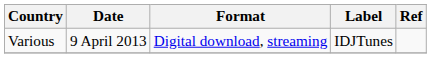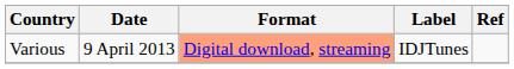 <table class="wikitable plainrowheaders">
 <tr>
 <th scope="col">Country</th>
 <th scope="col">Date</th>
 <th scope="col">Format</th>
 <th scope="col">Label</th>
 <th scope="col">Ref</th>
 </tr>
 <tr>
 <td>Various</td>
 <td>9 April 2013</td>
-<td><a href='#'>Digital download</a>, <a href='#'>streaming</a></td>
+<td style="background: lightsalmon;"><a href='#'>Digital download</a>, <a href='#'>streaming</a></td>
 <td>IDJTunes</td>
 <td></td>
 </tr>
 <tr>
 </tr>
 </table>
